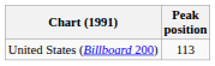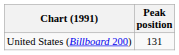 <table class="wikitable">
 <tr>
 <th scope="col">Chart (1991)</th>
 <th>Peak<br>position</th>
 </tr>
 <tr>
 <td>United States (<a href='#'><em>Billboard</em> 200</a>)</td>
-<td style="text-align:center;">113</td>
+<td style="text-align:center;">131</td>
 </tr>
 </table>
